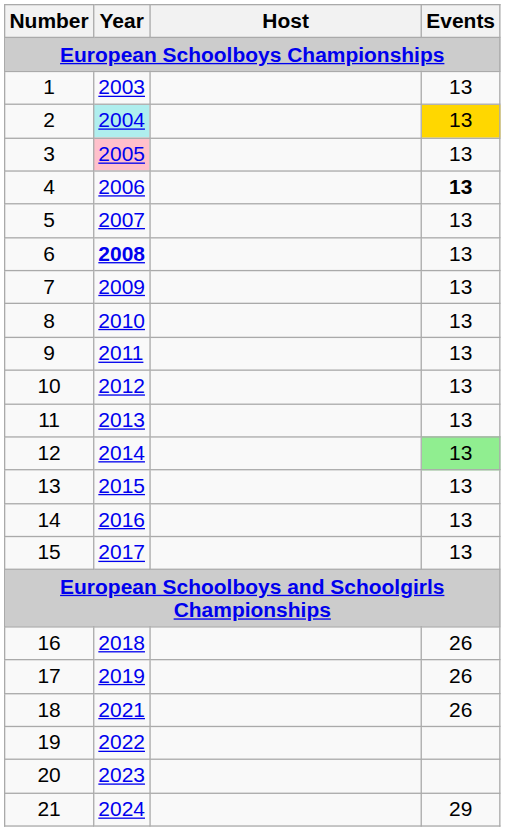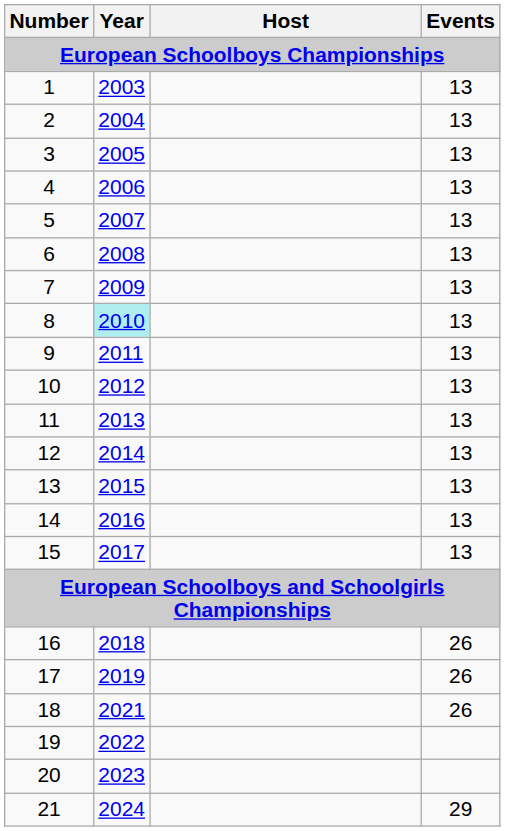 <table class="wikitable">
 <tr>
 <th width=20>Number</th>
 <th width=20>Year</th>
 <th width=200>Host</th>
 <th width=20>Events</th>
 </tr>
 <tr>
 <td colspan="5" bgcolor="#cccccc"align=center><strong><a href='#'>European Schoolboys Championships</a></strong></td>
 </tr>
 <tr>
 <td align=center>1</td>
 <td><a href='#'>2003</a></td>
 <td></td>
 <td align=center>13</td>
 </tr>
 <tr>
 <td align=center>2</td>
-<td style="background: paleturquoise;"><a href='#'>2004</a></td>
+<td><a href='#'>2004</a></td>
 <td></td>
-<td align=center style="background: gold;">13</td>
+<td align=center>13</td>
 </tr>
 <tr>
 <td align=center>3</td>
-<td style="background: pink;"><a href='#'>2005</a></td>
+<td><a href='#'>2005</a></td>
 <td></td>
 <td align=center>13</td>
 </tr>
 <tr>
 <td align=center>4</td>
 <td><a href='#'>2006</a></td>
 <td></td>
-<td align=center><strong>13</strong></td>
+<td align=center>13</td>
 </tr>
 <tr>
 <td align=center>5</td>
 <td><a href='#'>2007</a></td>
 <td></td>
 <td align=center>13</td>
 </tr>
 <tr>
 <td align=center>6</td>
-<td><strong><a href='#'>2008</a></strong></td>
+<td><a href='#'>2008</a></td>
 <td></td>
 <td align=center>13</td>
 </tr>
 <tr>
 <td align=center>7</td>
 <td><a href='#'>2009</a></td>
 <td></td>
 <td align=center>13</td>
 </tr>
 <tr>
 <td align=center>8</td>
-<td><a href='#'>2010</a></td>
+<td style="background: paleturquoise;"><a href='#'>2010</a></td>
 <td></td>
 <td align=center>13</td>
 </tr>
 <tr>
 <td align=center>9</td>
 <td><a href='#'>2011</a></td>
 <td></td>
 <td align=center>13</td>
 </tr>
 <tr>
 <td align=center>10</td>
 <td><a href='#'>2012</a></td>
 <td></td>
 <td align=center>13</td>
 </tr>
 <tr>
 <td align=center>11</td>
 <td><a href='#'>2013</a></td>
 <td></td>
 <td align=center>13</td>
 </tr>
 <tr>
 <td align=center>12</td>
 <td><a href='#'>2014</a></td>
 <td></td>
-<td align=center style="background: lightgreen;">13</td>
+<td align=center>13</td>
 </tr>
 <tr>
 <td align=center>13</td>
 <td><a href='#'>2015</a></td>
 <td></td>
 <td align=center>13</td>
 </tr>
 <tr>
 <td align=center>14</td>
 <td><a href='#'>2016</a></td>
 <td></td>
 <td align=center>13</td>
 </tr>
 <tr>
 <td align=center>15</td>
 <td><a href='#'>2017</a></td>
 <td></td>
 <td align=center>13</td>
 </tr>
 <tr>
 <td colspan="5" bgcolor="#cccccc"align=center><strong><a href='#'>European Schoolboys and Schoolgirls Championships</a></strong></td>
 </tr>
 <tr>
 <td align=center>16</td>
 <td><a href='#'>2018</a></td>
 <td></td>
 <td align=center>26</td>
 </tr>
 <tr>
 <td align=center>17</td>
 <td><a href='#'>2019</a></td>
 <td></td>
 <td align=center>26</td>
 </tr>
 <tr>
 <td align=center>18</td>
 <td><a href='#'>2021</a></td>
 <td></td>
 <td align=center>26</td>
 </tr>
 <tr>
 <td align=center>19</td>
 <td><a href='#'>2022</a></td>
 <td></td>
 <td align=center></td>
 </tr>
 <tr>
 <td align=center>20</td>
 <td><a href='#'>2023</a></td>
 <td></td>
 <td align=center></td>
 </tr>
 <tr>
 <td align=center>21</td>
 <td><a href='#'>2024</a></td>
 <td></td>
 <td align=center>29</td>
 </tr>
 </table>
